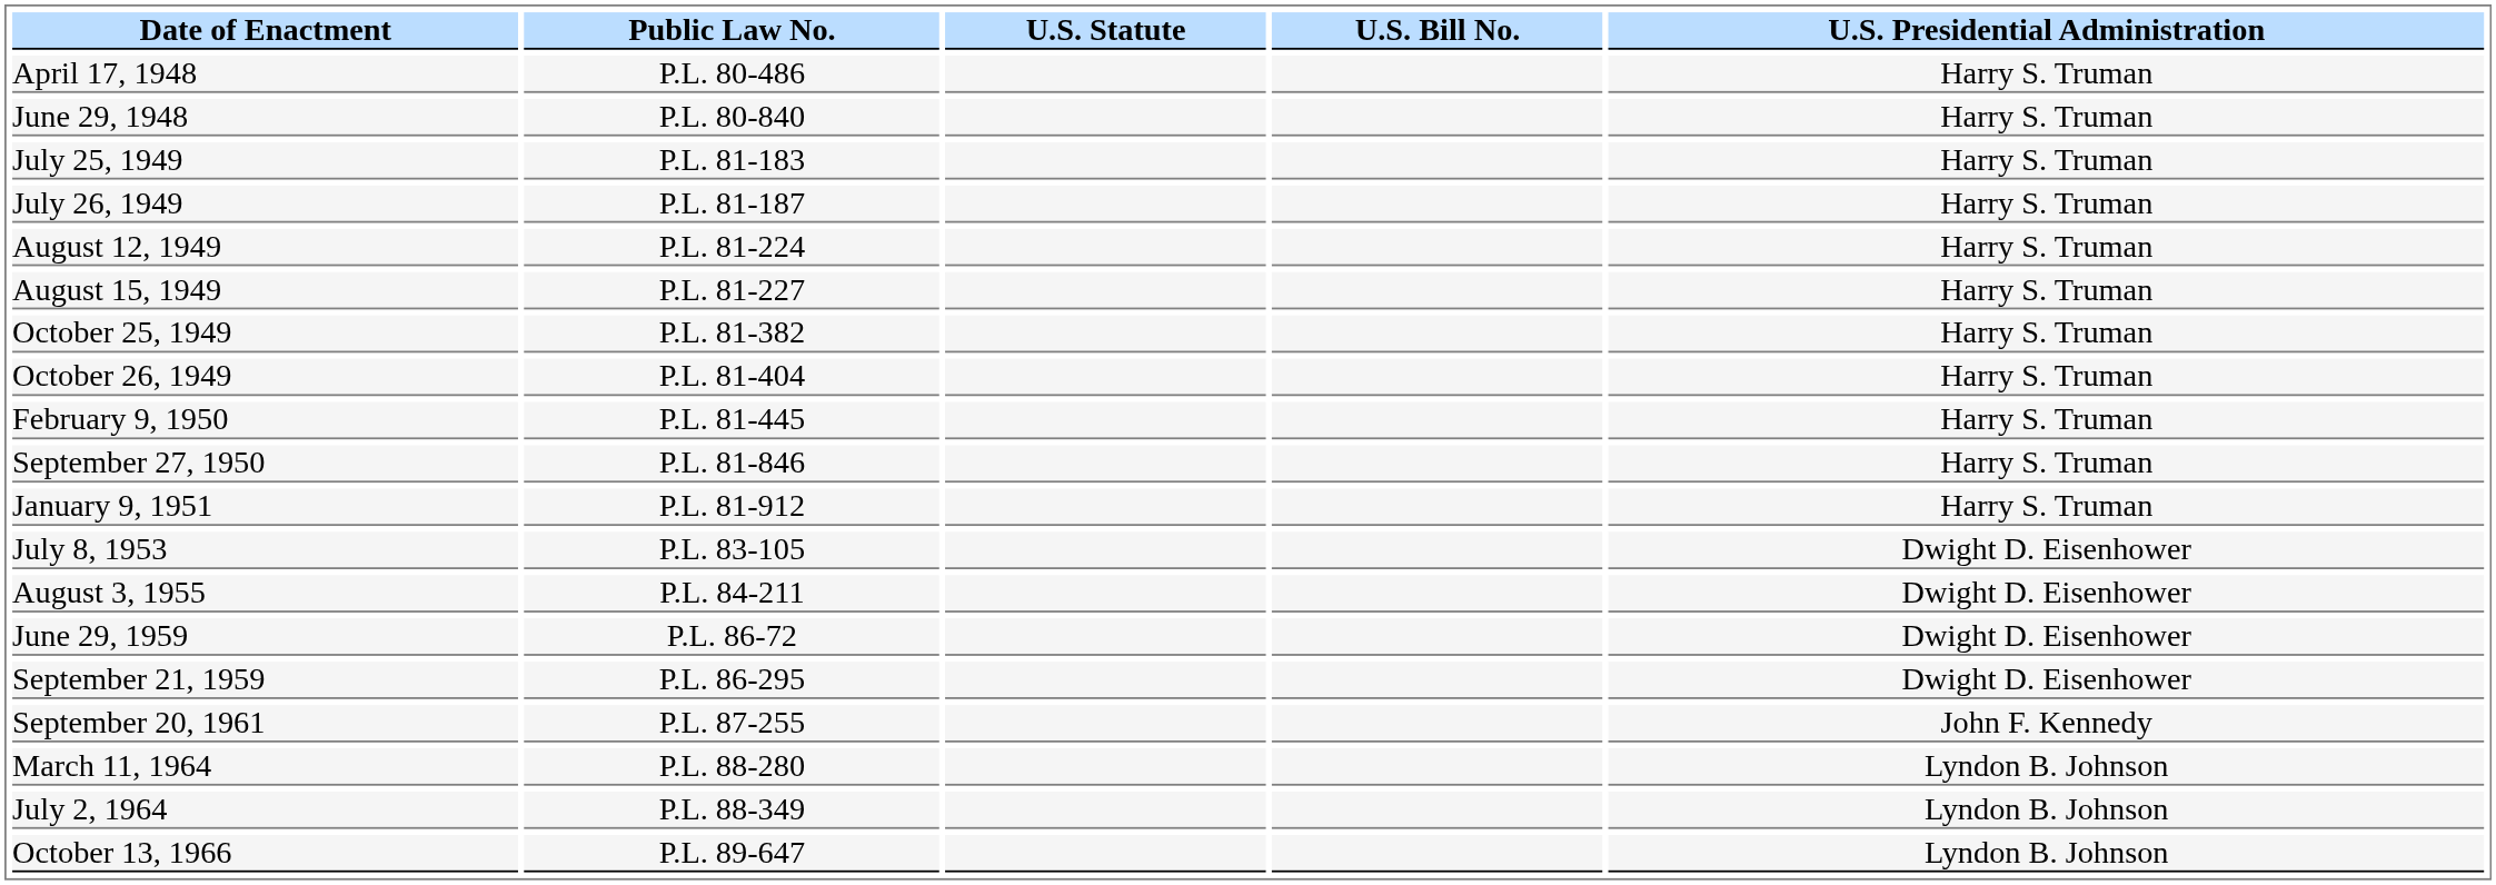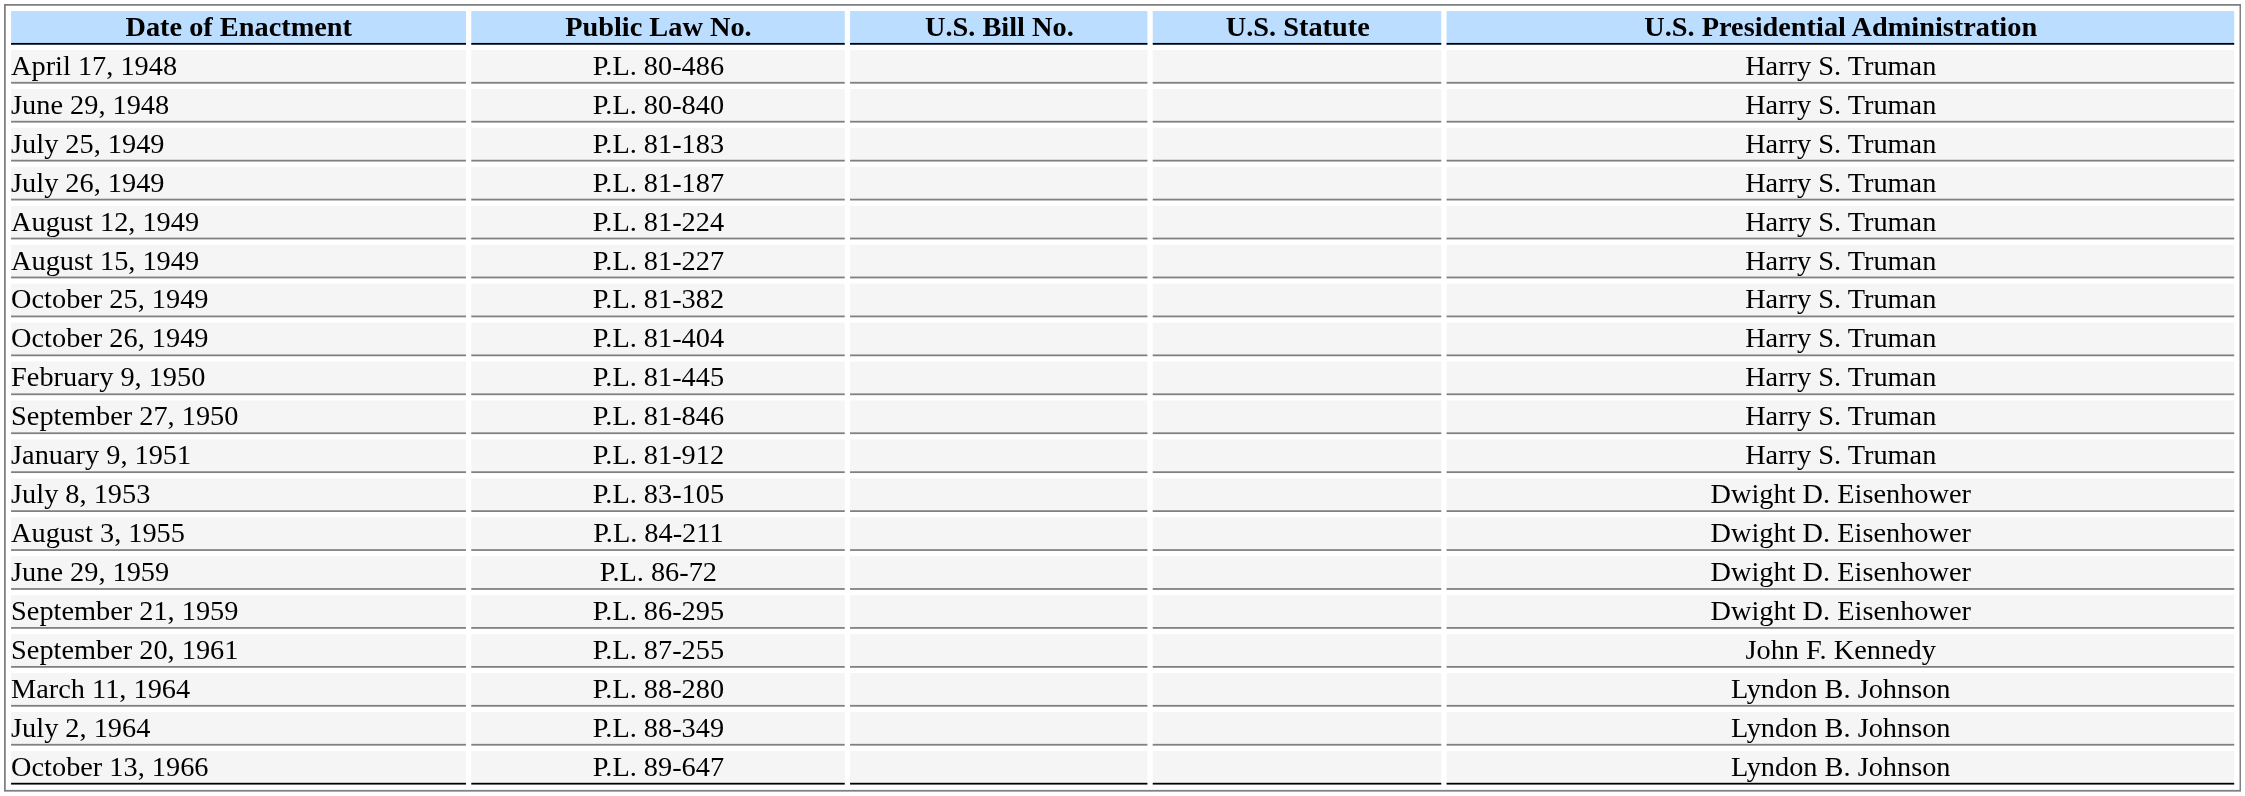 <table style="border:1px solid gray; align:left; width:100%" cellspacing=3 cellpadding=0>
 <tr style="font-weight:bold; text-align:center; background:#bbddff; color:black;">
 <th style=" border-bottom:1.5px solid black">Date of Enactment</th>
 <th style=" border-bottom:1.5px solid black">Public Law No.</th>
+<th style=" border-bottom:1.5px solid black">U.S. Bill No.</th>
 <th style=" border-bottom:1.5px solid black">U.S. Statute</th>
-<th style=" border-bottom:1.5px solid black">U.S. Bill No.</th>
 <th style=" border-bottom:1.5px solid black">U.S. Presidential Administration</th>
 </tr>
 <tr>
 <td style="border-bottom:1px solid gray; background:#F5F5F5;">April 17, 1948</td>
 <td style="border-bottom:1px solid gray; background:#F5F5F5; text-align:center;">P.L. 80-486</td>
 <td style="border-bottom:1px solid gray; background:#F5F5F5; text-align:center;"></td>
 <td style="border-bottom:1px solid gray; background:#F5F5F5; text-align:center;"></td>
 <td style="border-bottom:1px solid gray; background:#F5F5F5; text-align:center;">Harry S. Truman</td>
 </tr>
 <tr>
 <td style="border-bottom:1px solid gray; background:#F5F5F5;">June 29, 1948</td>
 <td style="border-bottom:1px solid gray; background:#F5F5F5; text-align:center;">P.L. 80-840</td>
 <td style="border-bottom:1px solid gray; background:#F5F5F5; text-align:center;"></td>
 <td style="border-bottom:1px solid gray; background:#F5F5F5; text-align:center;"></td>
 <td style="border-bottom:1px solid gray; background:#F5F5F5; text-align:center;">Harry S. Truman</td>
 </tr>
 <tr>
 <td style="border-bottom:1px solid gray; background:#F5F5F5;">July 25, 1949</td>
 <td style="border-bottom:1px solid gray; background:#F5F5F5; text-align:center;">P.L. 81-183</td>
 <td style="border-bottom:1px solid gray; background:#F5F5F5; text-align:center;"></td>
 <td style="border-bottom:1px solid gray; background:#F5F5F5; text-align:center;"></td>
 <td style="border-bottom:1px solid gray; background:#F5F5F5; text-align:center;">Harry S. Truman</td>
 </tr>
 <tr>
 <td style="border-bottom:1px solid gray; background:#F5F5F5;">July 26, 1949</td>
 <td style="border-bottom:1px solid gray; background:#F5F5F5; text-align:center;">P.L. 81-187</td>
 <td style="border-bottom:1px solid gray; background:#F5F5F5; text-align:center;"></td>
 <td style="border-bottom:1px solid gray; background:#F5F5F5; text-align:center;"></td>
 <td style="border-bottom:1px solid gray; background:#F5F5F5; text-align:center;">Harry S. Truman</td>
 </tr>
 <tr>
 <td style="border-bottom:1px solid gray; background:#F5F5F5;">August 12, 1949</td>
 <td style="border-bottom:1px solid gray; background:#F5F5F5; text-align:center;">P.L. 81-224</td>
 <td style="border-bottom:1px solid gray; background:#F5F5F5; text-align:center;"></td>
 <td style="border-bottom:1px solid gray; background:#F5F5F5; text-align:center;"></td>
 <td style="border-bottom:1px solid gray; background:#F5F5F5; text-align:center;">Harry S. Truman</td>
 </tr>
 <tr>
 <td style="border-bottom:1px solid gray; background:#F5F5F5;">August 15, 1949</td>
 <td style="border-bottom:1px solid gray; background:#F5F5F5; text-align:center;">P.L. 81-227</td>
 <td style="border-bottom:1px solid gray; background:#F5F5F5; text-align:center;"></td>
 <td style="border-bottom:1px solid gray; background:#F5F5F5; text-align:center;"></td>
 <td style="border-bottom:1px solid gray; background:#F5F5F5; text-align:center;">Harry S. Truman</td>
 </tr>
 <tr>
 <td style="border-bottom:1px solid gray; background:#F5F5F5;">October 25, 1949</td>
 <td style="border-bottom:1px solid gray; background:#F5F5F5; text-align:center;">P.L. 81-382</td>
 <td style="border-bottom:1px solid gray; background:#F5F5F5; text-align:center;"></td>
 <td style="border-bottom:1px solid gray; background:#F5F5F5; text-align:center;"></td>
 <td style="border-bottom:1px solid gray; background:#F5F5F5; text-align:center;">Harry S. Truman</td>
 </tr>
 <tr>
 <td style="border-bottom:1px solid gray; background:#F5F5F5;">October 26, 1949</td>
 <td style="border-bottom:1px solid gray; background:#F5F5F5; text-align:center;">P.L. 81-404</td>
 <td style="border-bottom:1px solid gray; background:#F5F5F5; text-align:center;"></td>
 <td style="border-bottom:1px solid gray; background:#F5F5F5; text-align:center;"></td>
 <td style="border-bottom:1px solid gray; background:#F5F5F5; text-align:center;">Harry S. Truman</td>
 </tr>
 <tr>
 <td style="border-bottom:1px solid gray; background:#F5F5F5;">February 9, 1950</td>
 <td style="border-bottom:1px solid gray; background:#F5F5F5; text-align:center;">P.L. 81-445</td>
 <td style="border-bottom:1px solid gray; background:#F5F5F5; text-align:center;"></td>
 <td style="border-bottom:1px solid gray; background:#F5F5F5; text-align:center;"></td>
 <td style="border-bottom:1px solid gray; background:#F5F5F5; text-align:center;">Harry S. Truman</td>
 </tr>
 <tr>
 <td style="border-bottom:1px solid gray; background:#F5F5F5;">September 27, 1950</td>
 <td style="border-bottom:1px solid gray; background:#F5F5F5; text-align:center;">P.L. 81-846</td>
 <td style="border-bottom:1px solid gray; background:#F5F5F5; text-align:center;"></td>
 <td style="border-bottom:1px solid gray; background:#F5F5F5; text-align:center;"></td>
 <td style="border-bottom:1px solid gray; background:#F5F5F5; text-align:center;">Harry S. Truman</td>
 </tr>
 <tr>
 <td style="border-bottom:1px solid gray; background:#F5F5F5;">January 9, 1951</td>
 <td style="border-bottom:1px solid gray; background:#F5F5F5; text-align:center;">P.L. 81-912</td>
 <td style="border-bottom:1px solid gray; background:#F5F5F5; text-align:center;"></td>
 <td style="border-bottom:1px solid gray; background:#F5F5F5; text-align:center;"></td>
 <td style="border-bottom:1px solid gray; background:#F5F5F5; text-align:center;">Harry S. Truman</td>
 </tr>
 <tr>
 <td style="border-bottom:1px solid gray; background:#F5F5F5;">July 8, 1953</td>
 <td style="border-bottom:1px solid gray; background:#F5F5F5; text-align:center;">P.L. 83-105</td>
 <td style="border-bottom:1px solid gray; background:#F5F5F5; text-align:center;"></td>
 <td style="border-bottom:1px solid gray; background:#F5F5F5; text-align:center;"></td>
 <td style="border-bottom:1px solid gray; background:#F5F5F5; text-align:center;">Dwight D. Eisenhower</td>
 </tr>
 <tr>
 <td style="border-bottom:1px solid gray; background:#F5F5F5;">August 3, 1955</td>
 <td style="border-bottom:1px solid gray; background:#F5F5F5; text-align:center;">P.L. 84-211</td>
 <td style="border-bottom:1px solid gray; background:#F5F5F5; text-align:center;"></td>
 <td style="border-bottom:1px solid gray; background:#F5F5F5; text-align:center;"></td>
 <td style="border-bottom:1px solid gray; background:#F5F5F5; text-align:center;">Dwight D. Eisenhower</td>
 </tr>
 <tr>
 <td style="border-bottom:1px solid gray; background:#F5F5F5;">June 29, 1959</td>
 <td style="border-bottom:1px solid gray; background:#F5F5F5; text-align:center;">P.L. 86-72</td>
 <td style="border-bottom:1px solid gray; background:#F5F5F5; text-align:center;"></td>
 <td style="border-bottom:1px solid gray; background:#F5F5F5; text-align:center;"></td>
 <td style="border-bottom:1px solid gray; background:#F5F5F5; text-align:center;">Dwight D. Eisenhower</td>
 </tr>
 <tr>
 <td style="border-bottom:1px solid gray; background:#F5F5F5;">September 21, 1959</td>
 <td style="border-bottom:1px solid gray; background:#F5F5F5; text-align:center;">P.L. 86-295</td>
 <td style="border-bottom:1px solid gray; background:#F5F5F5; text-align:center;"></td>
 <td style="border-bottom:1px solid gray; background:#F5F5F5; text-align:center;"></td>
 <td style="border-bottom:1px solid gray; background:#F5F5F5; text-align:center;">Dwight D. Eisenhower</td>
 </tr>
 <tr>
 <td style="border-bottom:1px solid gray; background:#F5F5F5;">September 20, 1961</td>
 <td style="border-bottom:1px solid gray; background:#F5F5F5; text-align:center;">P.L. 87-255</td>
 <td style="border-bottom:1px solid gray; background:#F5F5F5; text-align:center;"></td>
 <td style="border-bottom:1px solid gray; background:#F5F5F5; text-align:center;"></td>
 <td style="border-bottom:1px solid gray; background:#F5F5F5; text-align:center;">John F. Kennedy</td>
 </tr>
 <tr>
 <td style="border-bottom:1px solid gray; background:#F5F5F5;">March 11, 1964</td>
 <td style="border-bottom:1px solid gray; background:#F5F5F5; text-align:center;">P.L. 88-280</td>
 <td style="border-bottom:1px solid gray; background:#F5F5F5; text-align:center;"></td>
 <td style="border-bottom:1px solid gray; background:#F5F5F5; text-align:center;"></td>
 <td style="border-bottom:1px solid gray; background:#F5F5F5; text-align:center;">Lyndon B. Johnson</td>
 </tr>
 <tr>
 <td style="border-bottom:1px solid gray; background:#F5F5F5;">July 2, 1964</td>
 <td style="border-bottom:1px solid gray; background:#F5F5F5; text-align:center;">P.L. 88-349</td>
 <td style="border-bottom:1px solid gray; background:#F5F5F5; text-align:center;"></td>
 <td style="border-bottom:1px solid gray; background:#F5F5F5; text-align:center;"></td>
 <td style="border-bottom:1px solid gray; background:#F5F5F5; text-align:center;">Lyndon B. Johnson</td>
 </tr>
 <tr>
 <td style="border-bottom:1.5px solid black; background:#F5F5F5;">October 13, 1966</td>
 <td style="border-bottom:1.5px solid black; background:#F5F5F5; text-align:center;">P.L. 89-647</td>
 <td style="border-bottom:1.5px solid black; background:#F5F5F5; text-align:center;"></td>
 <td style="border-bottom:1.5px solid black; background:#F5F5F5; text-align:center;"></td>
 <td style="border-bottom:1.5px solid black; background:#F5F5F5; text-align:center;">Lyndon B. Johnson</td>
 </tr>
 </table>
